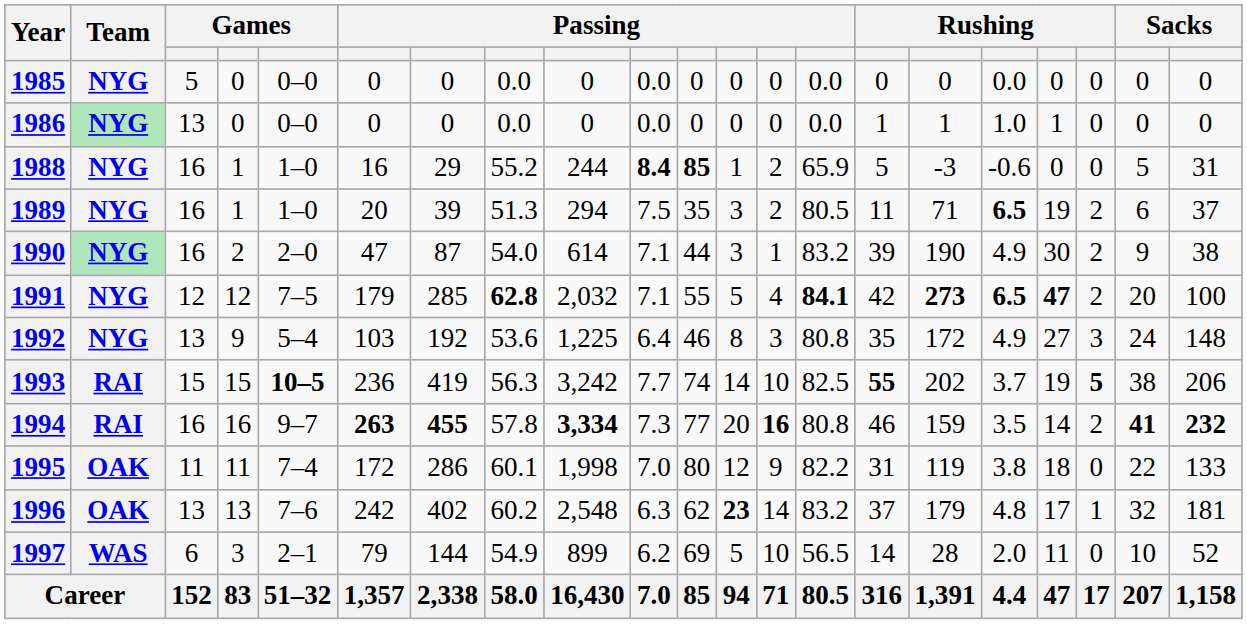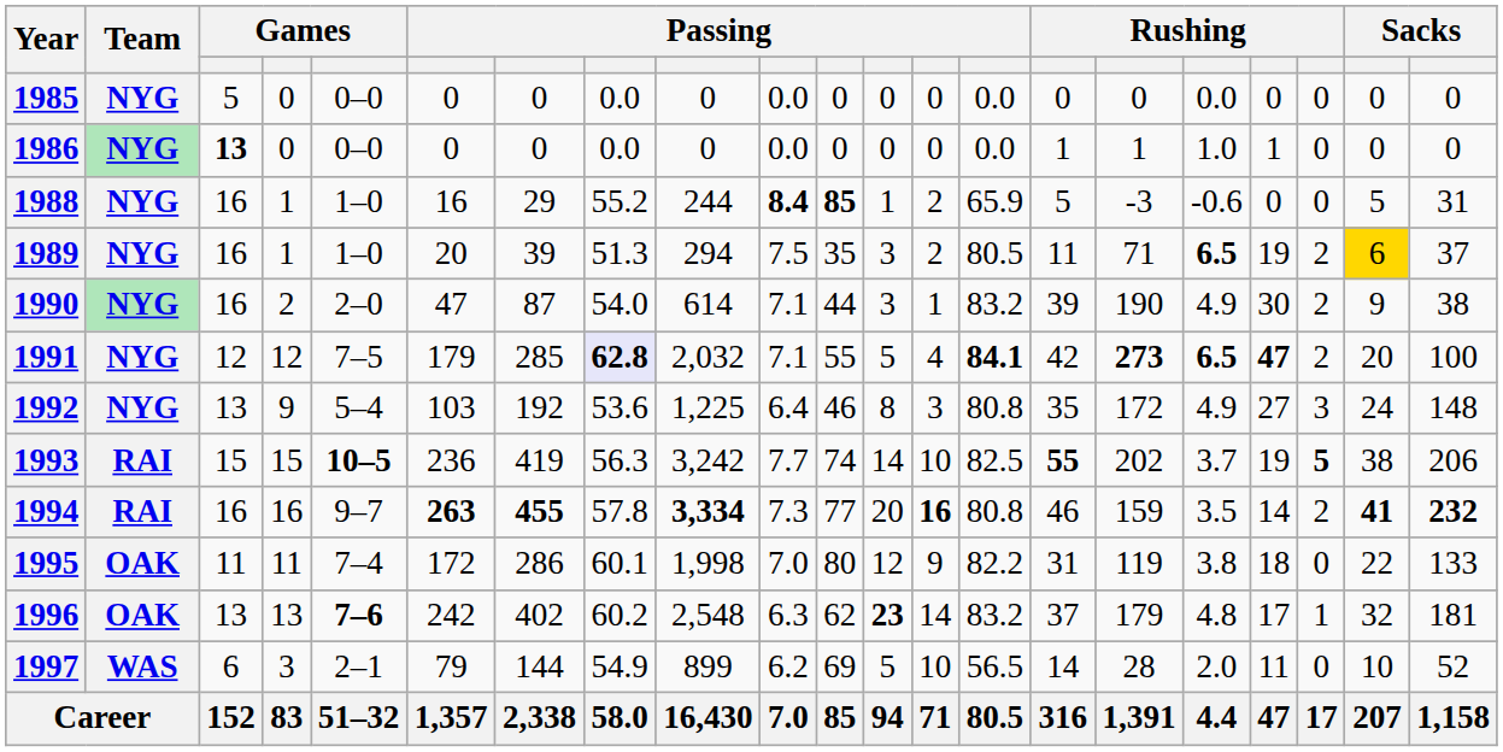 <table class="wikitable" style="text-align:center;">
 <tr>
 <th rowspan="2">Year</th>
 <th rowspan="2">Team</th>
 <th colspan="3">Games</th>
 <th colspan="9">Passing</th>
 <th colspan="5">Rushing</th>
 <th colspan="2">Sacks</th>
 </tr>
 <tr>
 <th></th>
 <th></th>
 <th></th>
 <th></th>
 <th></th>
 <th></th>
 <th></th>
 <th></th>
 <th></th>
 <th></th>
 <th></th>
 <th></th>
 <th></th>
 <th></th>
 <th></th>
 <th></th>
 <th></th>
 <th></th>
 <th></th>
 </tr>
 <tr>
 <th><a href='#'>1985</a></th>
 <th><a href='#'>NYG</a></th>
 <td>5</td>
 <td>0</td>
 <td>0–0</td>
 <td>0</td>
 <td>0</td>
 <td>0.0</td>
 <td>0</td>
 <td>0.0</td>
 <td>0</td>
 <td>0</td>
 <td>0</td>
 <td>0.0</td>
 <td>0</td>
 <td>0</td>
 <td>0.0</td>
 <td>0</td>
 <td>0</td>
 <td>0</td>
 <td>0</td>
 </tr>
 <tr>
 <th><a href='#'>1986</a></th>
 <th style="background:#afe6ba; width:3em;"><a href='#'>NYG</a></th>
-<td>13</td>
+<td><strong>13</strong></td>
 <td>0</td>
 <td>0–0</td>
 <td>0</td>
 <td>0</td>
 <td>0.0</td>
 <td>0</td>
 <td>0.0</td>
 <td>0</td>
 <td>0</td>
 <td>0</td>
 <td>0.0</td>
 <td>1</td>
 <td>1</td>
 <td>1.0</td>
 <td>1</td>
 <td>0</td>
 <td>0</td>
 <td>0</td>
 </tr>
 <tr>
 <th><a href='#'>1988</a></th>
 <th><a href='#'>NYG</a></th>
 <td>16</td>
 <td>1</td>
 <td>1–0</td>
 <td>16</td>
 <td>29</td>
 <td>55.2</td>
 <td>244</td>
 <td><strong>8.4</strong></td>
 <td><strong>85</strong></td>
 <td>1</td>
 <td>2</td>
 <td>65.9</td>
 <td>5</td>
 <td>-3</td>
 <td>-0.6</td>
 <td>0</td>
 <td>0</td>
 <td>5</td>
 <td>31</td>
 </tr>
 <tr>
 <th><a href='#'>1989</a></th>
 <th><a href='#'>NYG</a></th>
 <td>16</td>
 <td>1</td>
 <td>1–0</td>
 <td>20</td>
 <td>39</td>
 <td>51.3</td>
 <td>294</td>
 <td>7.5</td>
 <td>35</td>
 <td>3</td>
 <td>2</td>
 <td>80.5</td>
 <td>11</td>
 <td>71</td>
 <td><strong>6.5</strong></td>
 <td>19</td>
 <td>2</td>
-<td>6</td>
+<td style="background: gold;">6</td>
 <td>37</td>
 </tr>
 <tr>
 <th><a href='#'>1990</a></th>
 <th style="background:#afe6ba; width:3em;"><a href='#'>NYG</a></th>
 <td>16</td>
 <td>2</td>
 <td>2–0</td>
 <td>47</td>
 <td>87</td>
 <td>54.0</td>
 <td>614</td>
 <td>7.1</td>
 <td>44</td>
 <td>3</td>
 <td>1</td>
 <td>83.2</td>
 <td>39</td>
 <td>190</td>
 <td>4.9</td>
 <td>30</td>
 <td>2</td>
 <td>9</td>
 <td>38</td>
 </tr>
 <tr>
 <th><a href='#'>1991</a></th>
 <th><a href='#'>NYG</a></th>
 <td>12</td>
 <td>12</td>
 <td>7–5</td>
 <td>179</td>
 <td>285</td>
-<td><strong>62.8</strong></td>
+<td style="background: lavender;"><strong>62.8</strong></td>
 <td>2,032</td>
 <td>7.1</td>
 <td>55</td>
 <td>5</td>
 <td>4</td>
 <td><strong>84.1</strong></td>
 <td>42</td>
 <td><strong>273</strong></td>
 <td><strong>6.5</strong></td>
 <td><strong>47</strong></td>
 <td>2</td>
 <td>20</td>
 <td>100</td>
 </tr>
 <tr>
 <th><a href='#'>1992</a></th>
 <th><a href='#'>NYG</a></th>
 <td>13</td>
 <td>9</td>
 <td>5–4</td>
 <td>103</td>
 <td>192</td>
 <td>53.6</td>
 <td>1,225</td>
 <td>6.4</td>
 <td>46</td>
 <td>8</td>
 <td>3</td>
 <td>80.8</td>
 <td>35</td>
 <td>172</td>
 <td>4.9</td>
 <td>27</td>
 <td>3</td>
 <td>24</td>
 <td>148</td>
 </tr>
 <tr>
 <th><a href='#'>1993</a></th>
 <th><a href='#'>RAI</a></th>
 <td>15</td>
 <td>15</td>
 <td><strong>10–5</strong></td>
 <td>236</td>
 <td>419</td>
 <td>56.3</td>
 <td>3,242</td>
 <td>7.7</td>
 <td>74</td>
 <td>14</td>
 <td>10</td>
 <td>82.5</td>
 <td><strong>55</strong></td>
 <td>202</td>
 <td>3.7</td>
 <td>19</td>
 <td><strong>5</strong></td>
 <td>38</td>
 <td>206</td>
 </tr>
 <tr>
 <th><a href='#'>1994</a></th>
 <th><a href='#'>RAI</a></th>
 <td>16</td>
 <td>16</td>
 <td>9–7</td>
 <td><strong>263</strong></td>
 <td><strong>455</strong></td>
 <td>57.8</td>
 <td><strong>3,334</strong></td>
 <td>7.3</td>
 <td>77</td>
 <td>20</td>
 <td><strong>16</strong></td>
 <td>80.8</td>
 <td>46</td>
 <td>159</td>
 <td>3.5</td>
 <td>14</td>
 <td>2</td>
 <td><strong>41</strong></td>
 <td><strong>232</strong></td>
 </tr>
 <tr>
 <th><a href='#'>1995</a></th>
 <th><a href='#'>OAK</a></th>
 <td>11</td>
 <td>11</td>
 <td>7–4</td>
 <td>172</td>
 <td>286</td>
 <td>60.1</td>
 <td>1,998</td>
 <td>7.0</td>
 <td>80</td>
 <td>12</td>
 <td>9</td>
 <td>82.2</td>
 <td>31</td>
 <td>119</td>
 <td>3.8</td>
 <td>18</td>
 <td>0</td>
 <td>22</td>
 <td>133</td>
 </tr>
 <tr>
 <th><a href='#'>1996</a></th>
 <th><a href='#'>OAK</a></th>
 <td>13</td>
 <td>13</td>
-<td>7–6</td>
+<td><strong>7–6</strong></td>
 <td>242</td>
 <td>402</td>
 <td>60.2</td>
 <td>2,548</td>
 <td>6.3</td>
 <td>62</td>
 <td><strong>23</strong></td>
 <td>14</td>
 <td>83.2</td>
 <td>37</td>
 <td>179</td>
 <td>4.8</td>
 <td>17</td>
 <td>1</td>
 <td>32</td>
 <td>181</td>
 </tr>
 <tr>
 <th><a href='#'>1997</a></th>
 <th><a href='#'>WAS</a></th>
 <td>6</td>
 <td>3</td>
 <td>2–1</td>
 <td>79</td>
 <td>144</td>
 <td>54.9</td>
 <td>899</td>
 <td>6.2</td>
 <td>69</td>
 <td>5</td>
 <td>10</td>
 <td>56.5</td>
 <td>14</td>
 <td>28</td>
 <td>2.0</td>
 <td>11</td>
 <td>0</td>
 <td>10</td>
 <td>52</td>
 </tr>
 <tr>
 <th colspan="2">Career</th>
 <th>152</th>
 <th>83</th>
 <th>51–32</th>
 <th>1,357</th>
 <th>2,338</th>
 <th>58.0</th>
 <th>16,430</th>
 <th>7.0</th>
 <th>85</th>
 <th>94</th>
 <th>71</th>
 <th>80.5</th>
 <th>316</th>
 <th>1,391</th>
 <th>4.4</th>
 <th>47</th>
 <th>17</th>
 <th>207</th>
 <th>1,158</th>
 </tr>
 </table>
